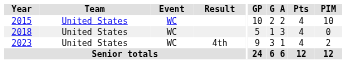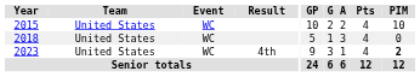 <table border="0" cellpadding="1" cellspacing="0" ID="Table3" style="text-align:center; width:40em;">
 <tr bgcolor="#e0e0e0">
 <th>Year</th>
 <th>Team</th>
 <th>Event</th>
 <th>Result</th>
 <th rowspan="99" bgcolor="#ffffff"></th>
 <th>GP</th>
 <th>G</th>
 <th>A</th>
 <th>Pts</th>
 <th>PIM</th>
 </tr>
 <tr>
 <td><a href='#'>2015</a></td>
 <td><a href='#'>United States</a></td>
 <td><a href='#'>WC</a></td>
 <td></td>
 <td>10</td>
 <td>2</td>
 <td>2</td>
 <td>4</td>
 <td>10</td>
 </tr>
 <tr bgcolor="#f0f0f0">
 <td><a href='#'>2018</a></td>
 <td>United States</td>
 <td>WC</td>
 <td></td>
 <td>5</td>
 <td>1</td>
 <td>3</td>
 <td>4</td>
 <td>0</td>
 </tr>
 <tr>
 <td><a href='#'>2023</a></td>
 <td>United States</td>
 <td>WC</td>
 <td>4th</td>
 <td>9</td>
 <td>3</td>
 <td>1</td>
 <td>4</td>
-<td>2</td>
+<td><strong>2</strong></td>
 </tr>
 <tr bgcolor="#e0e0e0">
 <th colspan="4">Senior totals</th>
 <th>24</th>
 <th>6</th>
 <th>6</th>
 <th>12</th>
 <th>12</th>
 </tr>
 </table>
